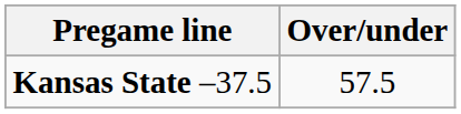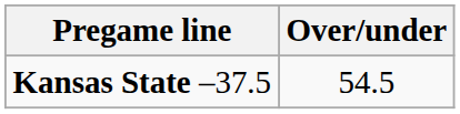 <table class="wikitable">
 <tr align="center">
 <th>Pregame line</th>
 <th>Over/under</th>
 </tr>
 <tr align="center">
 <td><strong>Kansas State</strong> –37.5</td>
-<td>57.5</td>
+<td>54.5</td>
 </tr>
 </table>
